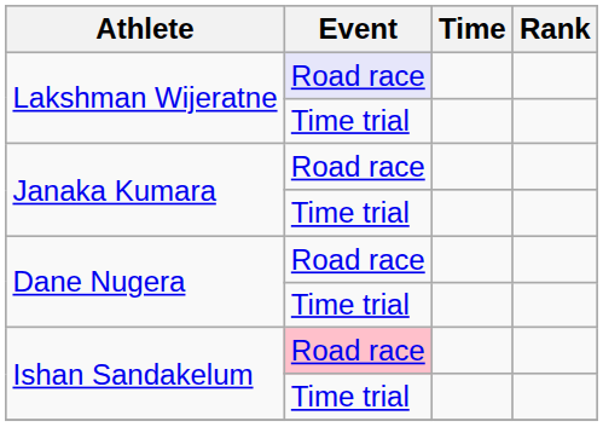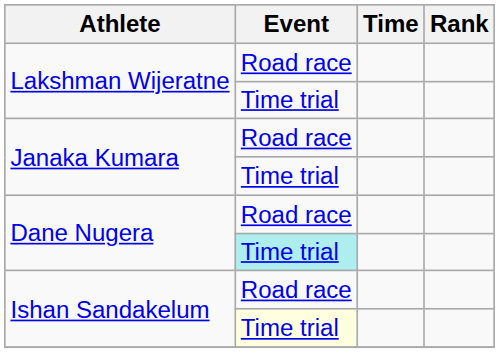 <table class=wikitable style="font-size:90%">
 <tr>
 <th>Athlete</th>
 <th>Event</th>
 <th>Time</th>
 <th>Rank</th>
 </tr>
 <tr>
 <td rowspan="2"><a href='#'>Lakshman Wijeratne</a></td>
-<td style="background: lavender;"><a href='#'>Road race</a></td>
+<td><a href='#'>Road race</a></td>
 <td></td>
 <td></td>
 </tr>
 <tr>
 <td><a href='#'>Time trial</a></td>
 <td></td>
 <td></td>
 </tr>
 <tr>
 <td rowspan="2"><a href='#'>Janaka Kumara</a></td>
 <td><a href='#'>Road race</a></td>
 <td></td>
 <td></td>
 </tr>
 <tr>
 <td><a href='#'>Time trial</a></td>
 <td></td>
 <td></td>
 </tr>
 <tr>
 <td rowspan="2"><a href='#'>Dane Nugera</a></td>
 <td><a href='#'>Road race</a></td>
 <td></td>
 <td></td>
 </tr>
 <tr>
-<td><a href='#'>Time trial</a></td>
+<td style="background: paleturquoise;"><a href='#'>Time trial</a></td>
 <td></td>
 <td></td>
 </tr>
 <tr>
 <td rowspan="2"><a href='#'>Ishan Sandakelum</a></td>
-<td style="background: pink;"><a href='#'>Road race</a></td>
+<td><a href='#'>Road race</a></td>
 <td></td>
 <td></td>
 </tr>
 <tr>
-<td><a href='#'>Time trial</a></td>
+<td style="background: lightyellow;"><a href='#'>Time trial</a></td>
 <td></td>
 <td></td>
 </tr>
 <tr>
 </tr>
 </table>
